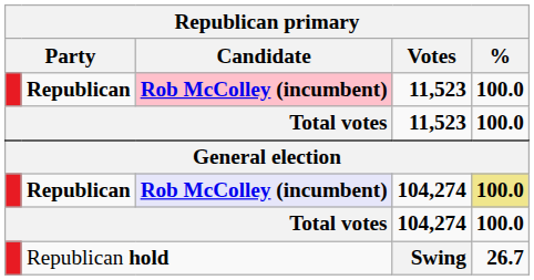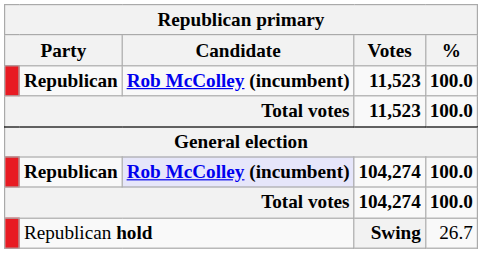 <table class="wikitable">
 <tr>
 <th colspan=5>Republican primary</th>
 </tr>
 <tr>
 <th colspan=2>Party</th>
 <th>Candidate</th>
 <th>Votes</th>
 <th>%</th>
 </tr>
 <tr>
 <td style="width:5px; background:#E81B23"></td>
 <td><strong>Republican</strong></td>
-<td style="background: pink;"><strong><a href='#'>Rob McColley</a> (incumbent)</strong></td>
+<td><strong><a href='#'>Rob McColley</a> (incumbent)</strong></td>
 <td style="text-align:right;margin-right:0.5em"><strong>11,523</strong></td>
 <td style="text-align:right;margin-right:0.5em"><strong>100.0</strong></td>
 </tr>
 <tr>
 <th colspan=3; style="text-align:right; border-bottom:solid 1px black">Total votes</th>
 <td style="border-bottom:solid 1px black;text-align:right;margin-right:0.5em"><strong>11,523</strong></td>
 <td style="border-bottom:solid 1px black;text-align:right;margin-right:0.5em"><strong>100.0</strong></td>
 </tr>
 <tr>
 <th colspan=5>General election</th>
 </tr>
 <tr>
 <td style="width:5px; background:#E81B23"></td>
 <td><strong>Republican</strong></td>
 <td style="background: lavender;"><strong><a href='#'>Rob McColley</a> (incumbent)</strong></td>
 <td style="text-align:right;margin-right:0.5em"><strong>104,274</strong></td>
-<td style="background: khaki; text-align:right;margin-right:0.5em"><strong>100.0</strong></td>
+<td style="text-align:right;margin-right:0.5em"><strong>100.0</strong></td>
 </tr>
 <tr>
 <th colspan=3; style="text-align:right">Total votes</th>
 <td style="text-align:right;margin-right:0.5em"><strong>104,274</strong></td>
 <td style="text-align:right;margin-right:0.5em"><strong>100.0</strong></td>
 </tr>
 <tr>
 <td style="width:5px; background:#E81B23"></td>
 <td colspan=2>Republican <strong>hold</strong></td>
 <th style="text-align:right;margin-right:0.5em">Swing</th>
-<td style="text-align:right;margin-right:0.5em"><strong>26.7</strong></td>
+<td style="text-align:right;margin-right:0.5em">26.7</td>
 </tr>
 </table>
